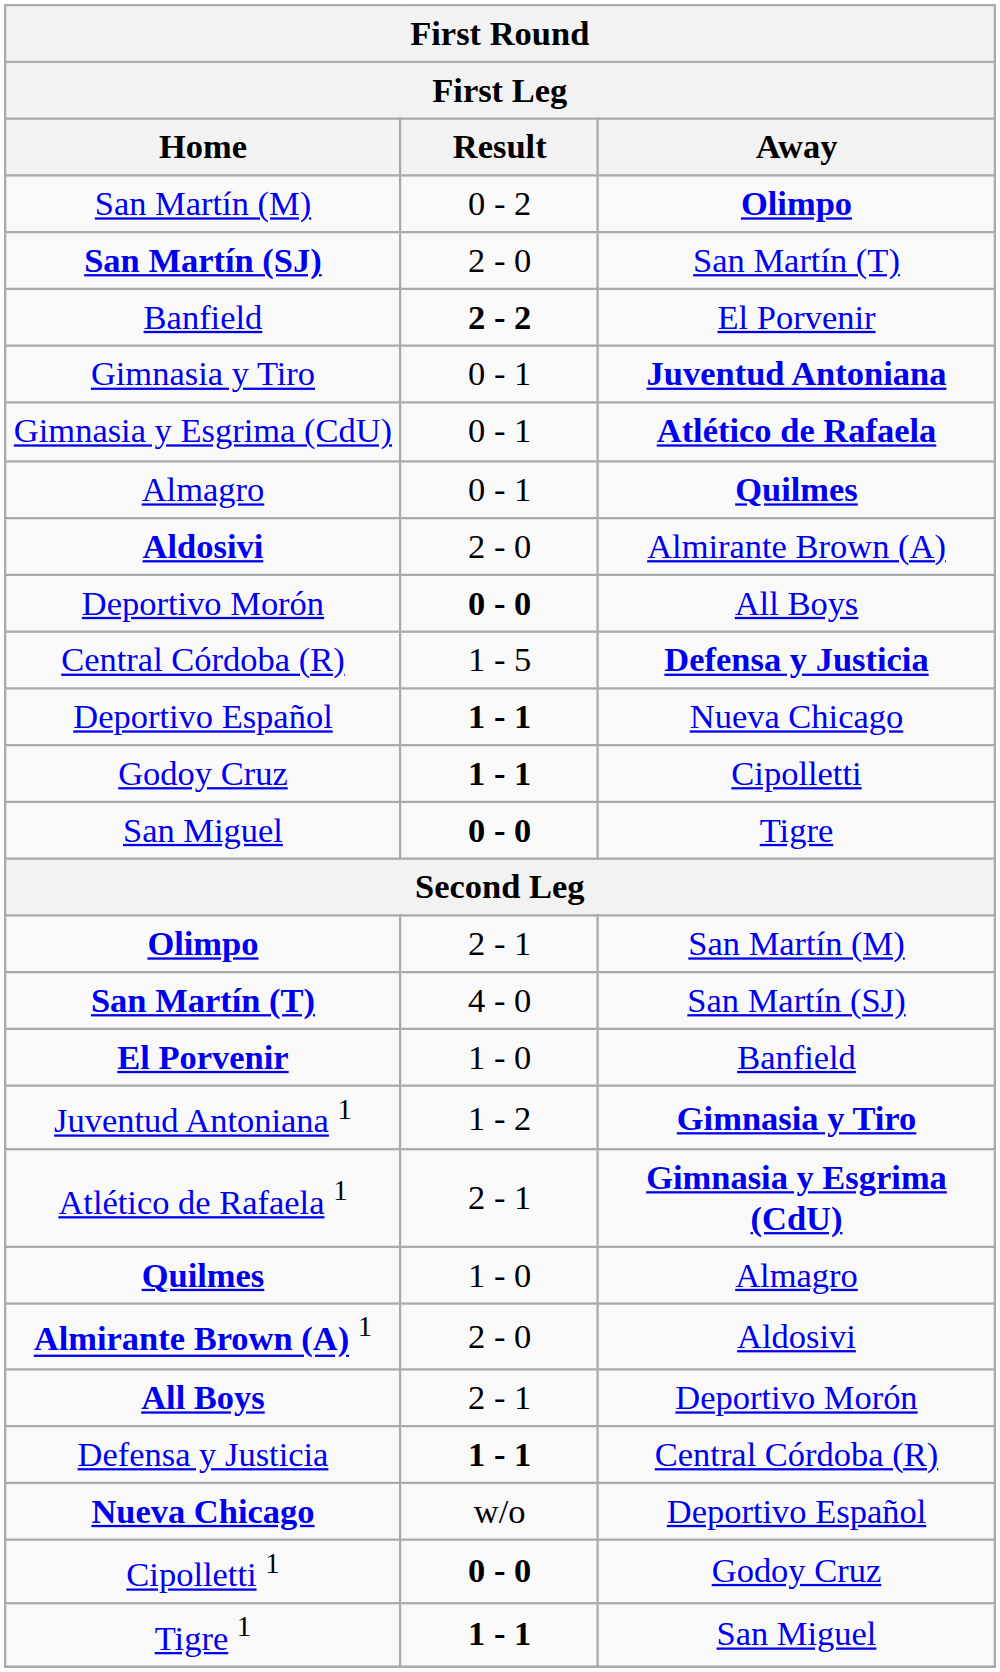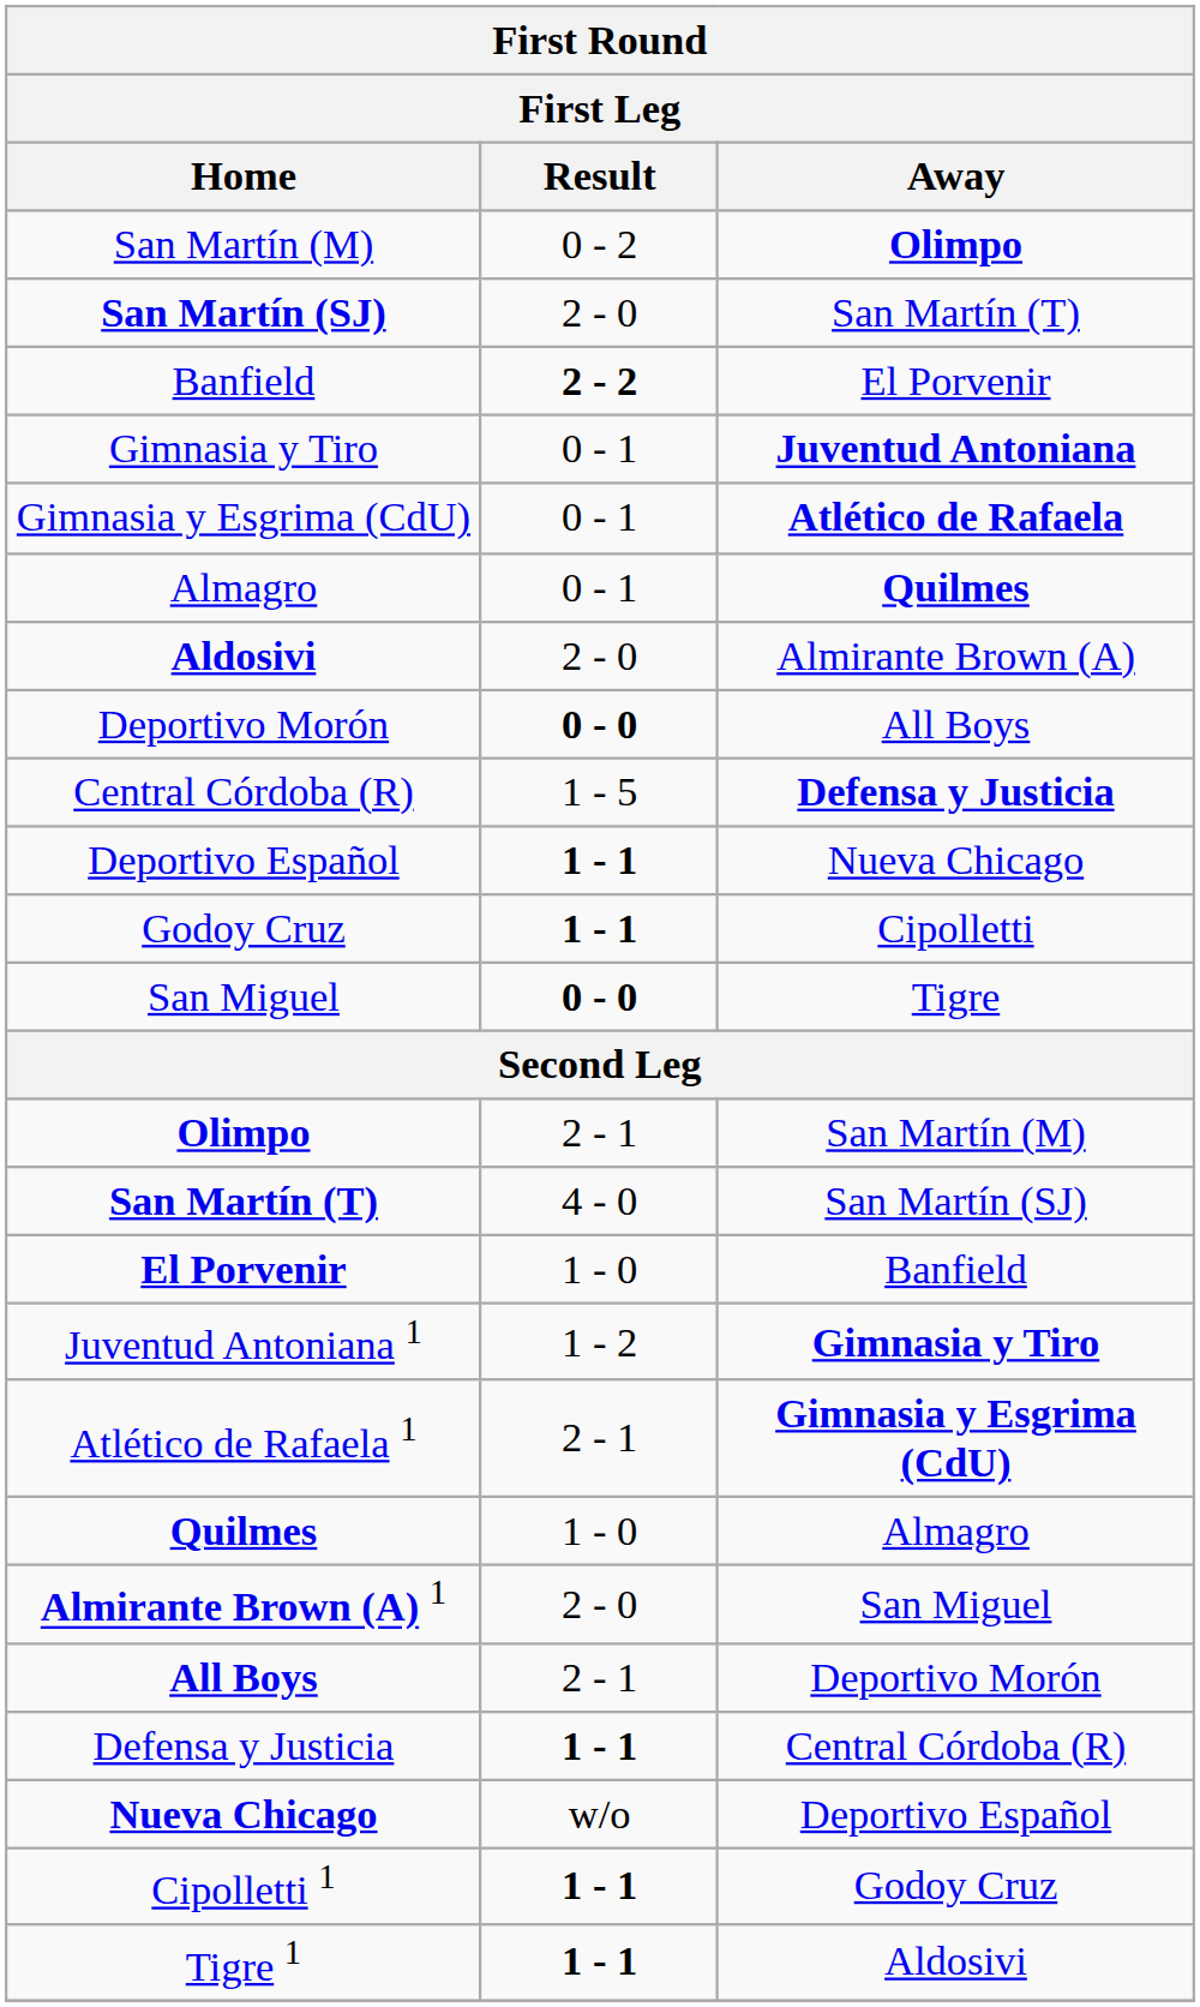 <table align=center class="wikitable collapsible collapsed" style="font-size:95%; text-align: center; width: 70%;">
 <tr>
 <th colspan=100% style="with: 100%;" align=center>First Round</th>
 </tr>
 <tr>
 <th colspan=100% style="with: 75%;" align=center>First Leg</th>
 </tr>
 <tr>
 <th width=30%>Home</th>
 <th width=15%>Result</th>
 <th width=30%>Away</th>
 </tr>
 <tr align=center>
 <td><a href='#'>San Martín (M)</a></td>
 <td>0 - 2</td>
 <td><strong><a href='#'>Olimpo</a></strong></td>
 </tr>
 <tr align=center>
 <td><strong><a href='#'>San Martín (SJ)</a></strong></td>
 <td>2 - 0</td>
 <td><a href='#'>San Martín (T)</a></td>
 </tr>
 <tr align=center>
 <td><a href='#'>Banfield</a></td>
 <td><strong>2 - 2</strong></td>
 <td><a href='#'>El Porvenir</a></td>
 </tr>
 <tr align=center>
 <td><a href='#'>Gimnasia y Tiro</a></td>
 <td>0 - 1</td>
 <td><strong><a href='#'>Juventud Antoniana</a></strong></td>
 </tr>
 <tr align=center>
 <td><a href='#'>Gimnasia y Esgrima (CdU)</a></td>
 <td>0 - 1</td>
 <td><strong><a href='#'>Atlético de Rafaela</a></strong></td>
 </tr>
 <tr align=center>
 <td><a href='#'>Almagro</a></td>
 <td>0 - 1</td>
 <td><strong><a href='#'>Quilmes</a></strong></td>
 </tr>
 <tr align=center>
 <td><strong><a href='#'>Aldosivi</a></strong></td>
 <td>2 - 0</td>
 <td><a href='#'>Almirante Brown (A)</a></td>
 </tr>
 <tr align=center>
 <td><a href='#'>Deportivo Morón</a></td>
 <td><strong>0 - 0</strong></td>
 <td><a href='#'>All Boys</a></td>
 </tr>
 <tr align=center>
 <td><a href='#'>Central Córdoba (R)</a></td>
 <td>1 - 5</td>
 <td><strong><a href='#'>Defensa y Justicia</a></strong></td>
 </tr>
 <tr align=center>
 <td><a href='#'>Deportivo Español</a></td>
 <td><strong>1 - 1</strong></td>
 <td><a href='#'>Nueva Chicago</a></td>
 </tr>
 <tr align=center>
 <td><a href='#'>Godoy Cruz</a></td>
 <td><strong>1 - 1</strong></td>
 <td><a href='#'>Cipolletti</a></td>
 </tr>
 <tr align=center>
 <td><a href='#'>San Miguel</a></td>
 <td><strong>0 - 0</strong></td>
 <td><a href='#'>Tigre</a></td>
 </tr>
 <tr>
 <th colspan=100% style="with: 75%;" align=center>Second Leg</th>
 </tr>
 <tr align=center>
 <td><strong><a href='#'>Olimpo</a></strong></td>
 <td>2 - 1</td>
 <td><a href='#'>San Martín (M)</a></td>
 </tr>
 <tr align=center>
 <td><strong><a href='#'>San Martín (T)</a></strong></td>
 <td>4 - 0</td>
 <td><a href='#'>San Martín (SJ)</a></td>
 </tr>
 <tr align=center>
 <td><strong><a href='#'>El Porvenir</a></strong></td>
 <td>1 - 0</td>
 <td><a href='#'>Banfield</a></td>
 </tr>
 <tr align=center>
 <td><a href='#'>Juventud Antoniana</a> <sup>1</sup></td>
 <td>1 - 2</td>
 <td><strong><a href='#'>Gimnasia y Tiro</a></strong></td>
 </tr>
 <tr align=center>
 <td><a href='#'>Atlético de Rafaela</a> <sup>1</sup></td>
 <td>2 - 1</td>
 <td><strong><a href='#'>Gimnasia y Esgrima (CdU)</a></strong></td>
 </tr>
 <tr align=center>
 <td><strong><a href='#'>Quilmes</a></strong></td>
 <td>1 - 0</td>
 <td><a href='#'>Almagro</a></td>
 </tr>
 <tr align=center>
 <td><strong><a href='#'>Almirante Brown (A)</a></strong> <sup>1</sup></td>
 <td>2 - 0</td>
-<td><a href='#'>Aldosivi</a></td>
+<td><a href='#'>San Miguel</a></td>
 </tr>
 <tr align=center>
 <td><strong><a href='#'>All Boys</a></strong></td>
 <td>2 - 1</td>
 <td><a href='#'>Deportivo Morón</a></td>
 </tr>
 <tr align=center>
 <td><a href='#'>Defensa y Justicia</a></td>
 <td><strong>1 - 1</strong></td>
 <td><a href='#'>Central Córdoba (R)</a></td>
 </tr>
 <tr align=center>
 <td><strong><a href='#'>Nueva Chicago</a></strong></td>
 <td>w/o</td>
 <td><a href='#'>Deportivo Español</a></td>
 </tr>
 <tr align=center>
 <td><a href='#'>Cipolletti</a> <sup>1</sup></td>
-<td><strong>0 - 0</strong></td>
+<td><strong>1 - 1</strong></td>
 <td><a href='#'>Godoy Cruz</a></td>
 </tr>
 <tr align=center>
 <td><a href='#'>Tigre</a> <sup>1</sup></td>
 <td><strong>1 - 1</strong></td>
-<td><a href='#'>San Miguel</a></td>
+<td><a href='#'>Aldosivi</a></td>
 </tr>
 <tr>
 </tr>
 </table>
